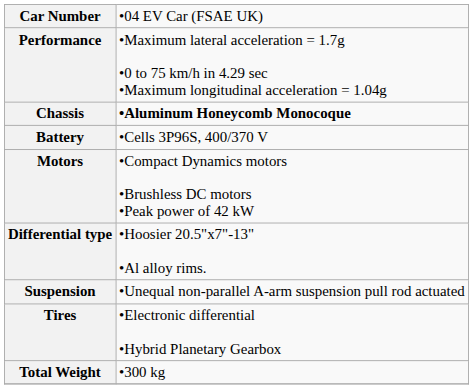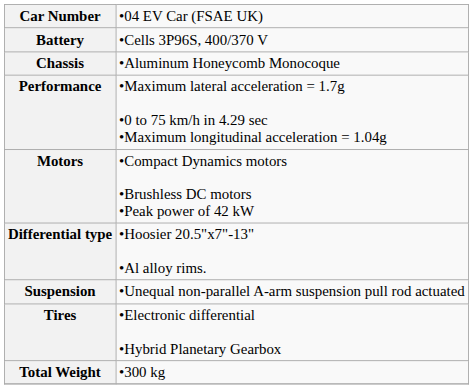 <table class="wikitable">
 <tr style="vertical-align: top">
 <th>Car Number</th>
 <td>•04 EV Car (FSAE UK)</td>
 </tr>
 <tr style="vertical-align: top">
-<th>Performance</th>
-<td>•Maximum lateral acceleration = 1.7g <br><br>•0 to 75 km/h in 4.29 sec <br> •Maximum longitudinal acceleration = 1.04g <br></td>
+<th>Battery</th>
+<td>•Cells 3P96S, 400/370 V <br></td>
 </tr>
 <tr style="vertical-align: top">
 <th>Chassis</th>
-<td><strong>•Aluminum Honeycomb Monocoque <br></strong></td>
+<td>•Aluminum Honeycomb Monocoque <br></td>
 </tr>
 <tr style="vertical-align: top">
-<th>Battery</th>
-<td>•Cells 3P96S, 400/370 V <br></td>
+<th>Performance</th>
+<td>•Maximum lateral acceleration = 1.7g <br><br>•0 to 75 km/h in 4.29 sec <br> •Maximum longitudinal acceleration = 1.04g <br></td>
 </tr>
 <tr style="vertical-align: top">
 <th>Motors</th>
 <td>•Compact Dynamics motors<br><br>•Brushless DC motors <br> •Peak power of 42 kW</td>
 </tr>
 <tr style="vertical-align: top">
 <th>Differential type</th>
 <td>•Hoosier 20.5"x7"-13"<br><br>•Al alloy rims.</td>
 </tr>
 <tr style="vertical-align: top">
 <th>Suspension</th>
 <td>•Unequal non-parallel A-arm suspension pull rod actuated<br></td>
 </tr>
 <tr style="vertical-align: top">
 <th>Tires</th>
 <td>•Electronic differential<br><br>•Hybrid Planetary Gearbox</td>
 </tr>
 <tr style="vertical-align: top">
 <th>Total Weight</th>
 <td>•300 kg</td>
 </tr>
 <tr style="vertical-align: top">
 </tr>
 </table>
